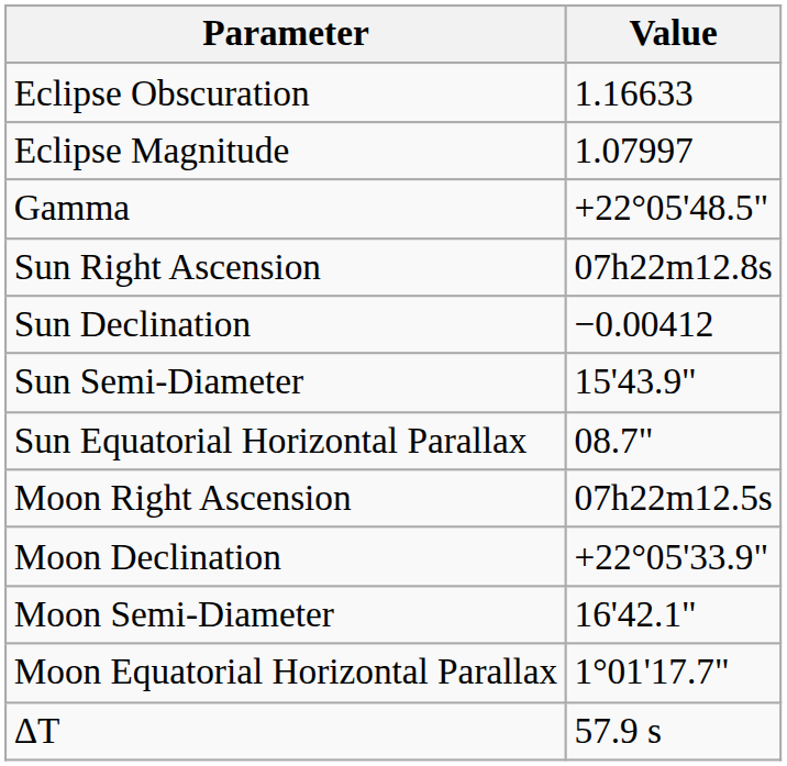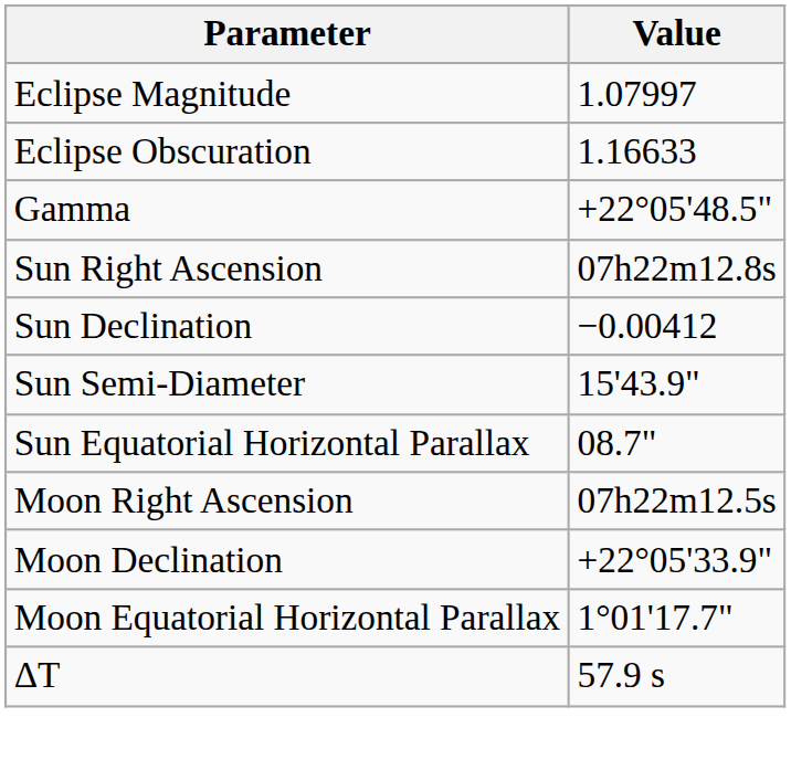 <table class="wikitable">
 <tr>
 <th>Parameter</th>
 <th>Value</th>
 </tr>
 <tr>
+<td>Eclipse Magnitude</td>
+<td>1.07997</td>
+</tr>
+<tr>
 <td>Eclipse Obscuration</td>
 <td>1.16633</td>
-</tr>
-<tr>
-<td>Eclipse Magnitude</td>
-<td>1.07997</td>
 </tr>
 <tr>
 <td>Gamma</td>
 <td>+22°05'48.5"</td>
 </tr>
 <tr>
 <td>Sun Right Ascension</td>
 <td>07h22m12.8s</td>
 </tr>
 <tr>
 <td>Sun Declination</td>
 <td>−0.00412</td>
 </tr>
 <tr>
 <td>Sun Semi-Diameter</td>
 <td>15'43.9"</td>
 </tr>
 <tr>
 <td>Sun Equatorial Horizontal Parallax</td>
 <td>08.7"</td>
 </tr>
 <tr>
 <td>Moon Right Ascension</td>
 <td>07h22m12.5s</td>
 </tr>
 <tr>
 <td>Moon Declination</td>
 <td>+22°05'33.9"</td>
 </tr>
 <tr>
-<td>Moon Semi-Diameter</td>
-<td>16'42.1"</td>
-</tr>
-<tr>
 <td>Moon Equatorial Horizontal Parallax</td>
 <td>1°01'17.7"</td>
 </tr>
 <tr>
 <td>ΔT</td>
 <td>57.9 s</td>
 </tr>
 </table>
